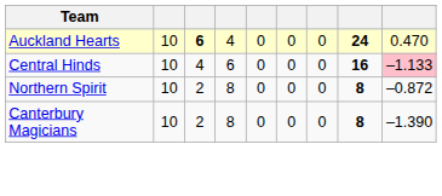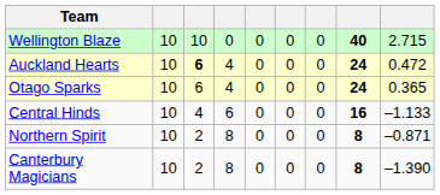 <table class="wikitable" style="text-align:center">
 <tr>
 <th width="150">Team</th>
 <th width="25"></th>
 <th width="25"></th>
 <th width="25"></th>
 <th width="25"></th>
 <th width="25"></th>
 <th width="25"></th>
 <th width="40"></th>
 <th width="50"></th>
 </tr>
+<tr style="background:#cfc">
+<td style="text-align:left"><a href='#'>Wellington Blaze</a></td>
+<td>10</td>
+<td>10</td>
+<td>0</td>
+<td>0</td>
+<td>0</td>
+<td>0</td>
+<td><strong>40</strong></td>
+<td>2.715</td>
+</tr>
 <tr style="background:#ffc">
 <td style="text-align:left"><a href='#'>Auckland Hearts</a></td>
 <td>10</td>
 <td><strong>6</strong></td>
 <td>4</td>
 <td>0</td>
 <td>0</td>
 <td>0</td>
 <td><strong>24</strong></td>
-<td>0.470</td>
+<td>0.472</td>
+</tr>
+<tr style="background:#ffc">
+<td style="text-align:left"><a href='#'>Otago Sparks</a></td>
+<td>10</td>
+<td>6</td>
+<td>4</td>
+<td>0</td>
+<td>0</td>
+<td>0</td>
+<td><strong>24</strong></td>
+<td>0.365</td>
 </tr>
 <tr>
 <td style="text-align:left"><a href='#'>Central Hinds</a></td>
 <td>10</td>
 <td>4</td>
 <td>6</td>
 <td>0</td>
 <td>0</td>
 <td>0</td>
 <td><strong>16</strong></td>
-<td style="background: pink;">–1.133</td>
+<td>–1.133</td>
 </tr>
 <tr>
 <td style="text-align:left"><a href='#'>Northern Spirit</a></td>
 <td>10</td>
 <td>2</td>
 <td>8</td>
 <td>0</td>
 <td>0</td>
 <td>0</td>
 <td><strong>8</strong></td>
-<td>–0.872</td>
+<td>–0.871</td>
 </tr>
 <tr>
 <td style="text-align:left"><a href='#'>Canterbury Magicians</a></td>
 <td>10</td>
 <td>2</td>
 <td>8</td>
 <td>0</td>
 <td>0</td>
 <td>0</td>
 <td><strong>8</strong></td>
 <td>–1.390</td>
 </tr>
 </table>
